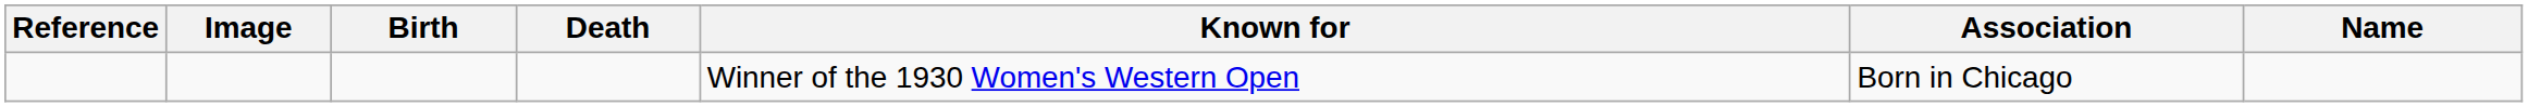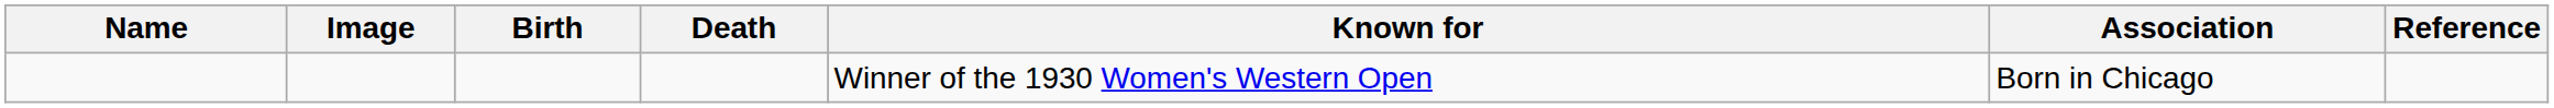 <table class="wikitable sortable">
 <tr>
-<th scope="col" width="30" class="unsortable">Reference</th>
+<th scope="col" width="140">Name</th>
 <th scope="col" width="80" class="unsortable">Image</th>
 <th scope="col" width="90">Birth</th>
 <th scope="col" width="90">Death</th>
 <th scope="col" width="600" class="unsortable">Known for</th>
 <th scope="col" width="200" class="unsortable">Association</th>
-<th scope="col" width="140">Name</th>
+<th scope="col" width="30" class="unsortable">Reference</th>
 </tr>
 <tr>
-<td align="center"></td>
+<td></td>
 <td></td>
 <td align=right></td>
 <td align=right></td>
 <td>Winner of the 1930 <a href='#'>Women's Western Open</a></td>
 <td>Born in Chicago</td>
-<td></td>
+<td align="center"></td>
 </tr>
 </table>
